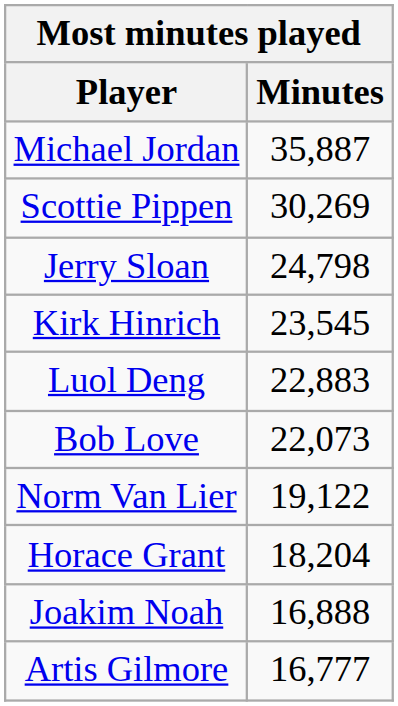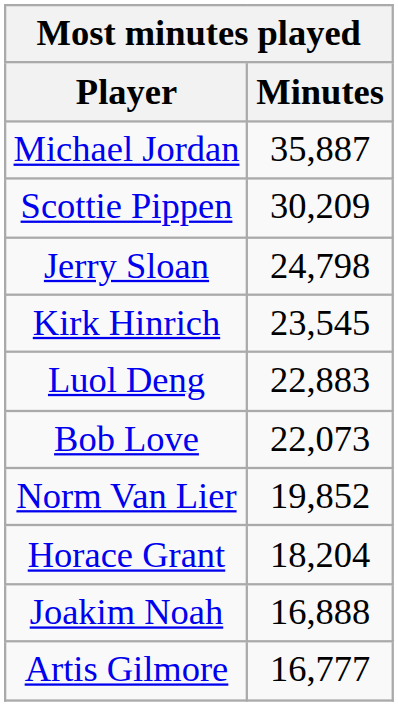 <table class="wikitable sortable" style="text-align:center">
 <tr>
 <th colspan="2" style="text-align:center; ">Most minutes played</th>
 </tr>
 <tr>
 <th style="text-align:center; ">Player</th>
 <th style="text-align:center; ">Minutes</th>
 </tr>
 <tr>
 <td><a href='#'>Michael Jordan</a></td>
 <td>35,887</td>
 </tr>
 <tr>
 <td><a href='#'>Scottie Pippen</a></td>
-<td>30,269</td>
+<td>30,209</td>
 </tr>
 <tr>
 <td><a href='#'>Jerry Sloan</a></td>
 <td>24,798</td>
 </tr>
 <tr>
 <td><a href='#'>Kirk Hinrich</a></td>
 <td>23,545</td>
 </tr>
 <tr>
 <td><a href='#'>Luol Deng</a></td>
 <td>22,883</td>
 </tr>
 <tr>
 <td><a href='#'>Bob Love</a></td>
 <td>22,073</td>
 </tr>
 <tr>
 <td><a href='#'>Norm Van Lier</a></td>
-<td>19,122</td>
+<td>19,852</td>
 </tr>
 <tr>
 <td><a href='#'>Horace Grant</a></td>
 <td>18,204</td>
 </tr>
 <tr>
 <td><a href='#'>Joakim Noah</a></td>
 <td>16,888</td>
 </tr>
 <tr>
 <td><a href='#'>Artis Gilmore</a></td>
 <td>16,777</td>
 </tr>
 </table>
